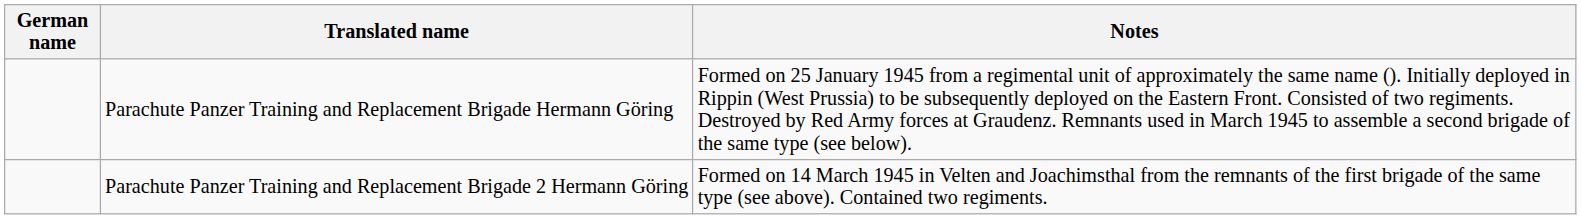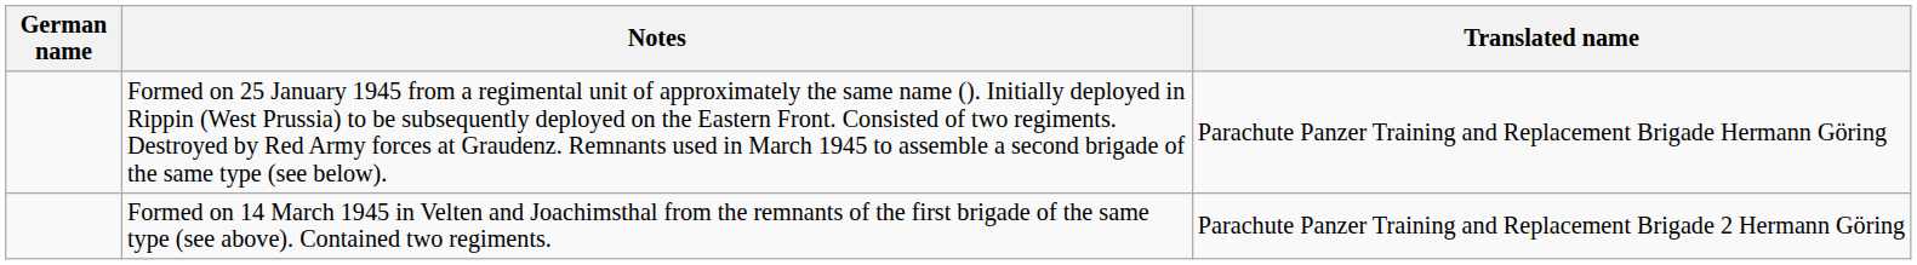 <table class="wikitable">
 <tr>
 <th>German name</th>
+<th>Notes</th>
 <th>Translated name</th>
-<th>Notes</th>
 </tr>
 <tr>
 <td></td>
+<td>Formed on 25 January 1945 from a regimental unit of approximately the same name (). Initially deployed in Rippin (West Prussia) to be subsequently deployed on the Eastern Front. Consisted of two regiments. Destroyed by Red Army forces at Graudenz. Remnants used in March 1945 to assemble a second brigade of the same type (see below).</td>
 <td>Parachute Panzer Training and Replacement Brigade Hermann Göring</td>
-<td>Formed on 25 January 1945 from a regimental unit of approximately the same name (). Initially deployed in Rippin (West Prussia) to be subsequently deployed on the Eastern Front. Consisted of two regiments. Destroyed by Red Army forces at Graudenz. Remnants used in March 1945 to assemble a second brigade of the same type (see below).</td>
 </tr>
 <tr>
 <td style="white-space: nowrap;"></td>
+<td>Formed on 14 March 1945 in Velten and Joachimsthal from the remnants of the first brigade of the same type (see above). Contained two regiments.</td>
 <td style="white-space: nowrap;">Parachute Panzer Training and Replacement Brigade 2 Hermann Göring</td>
-<td>Formed on 14 March 1945 in Velten and Joachimsthal from the remnants of the first brigade of the same type (see above). Contained two regiments.</td>
 </tr>
 </table>
